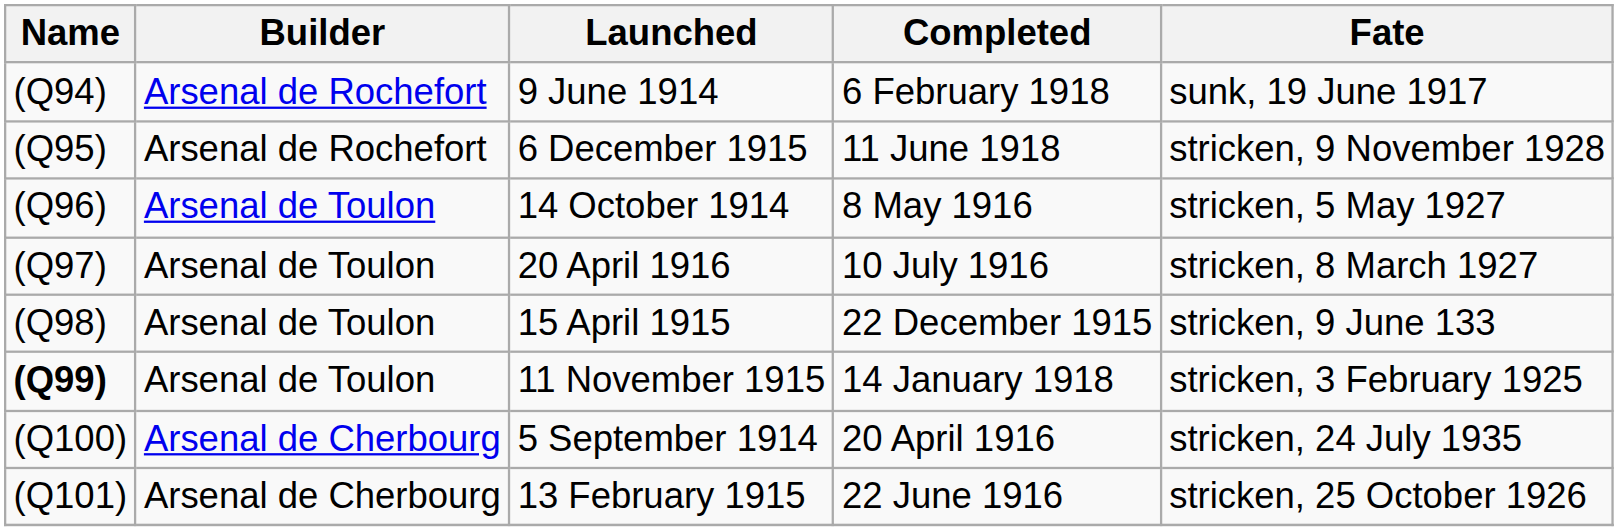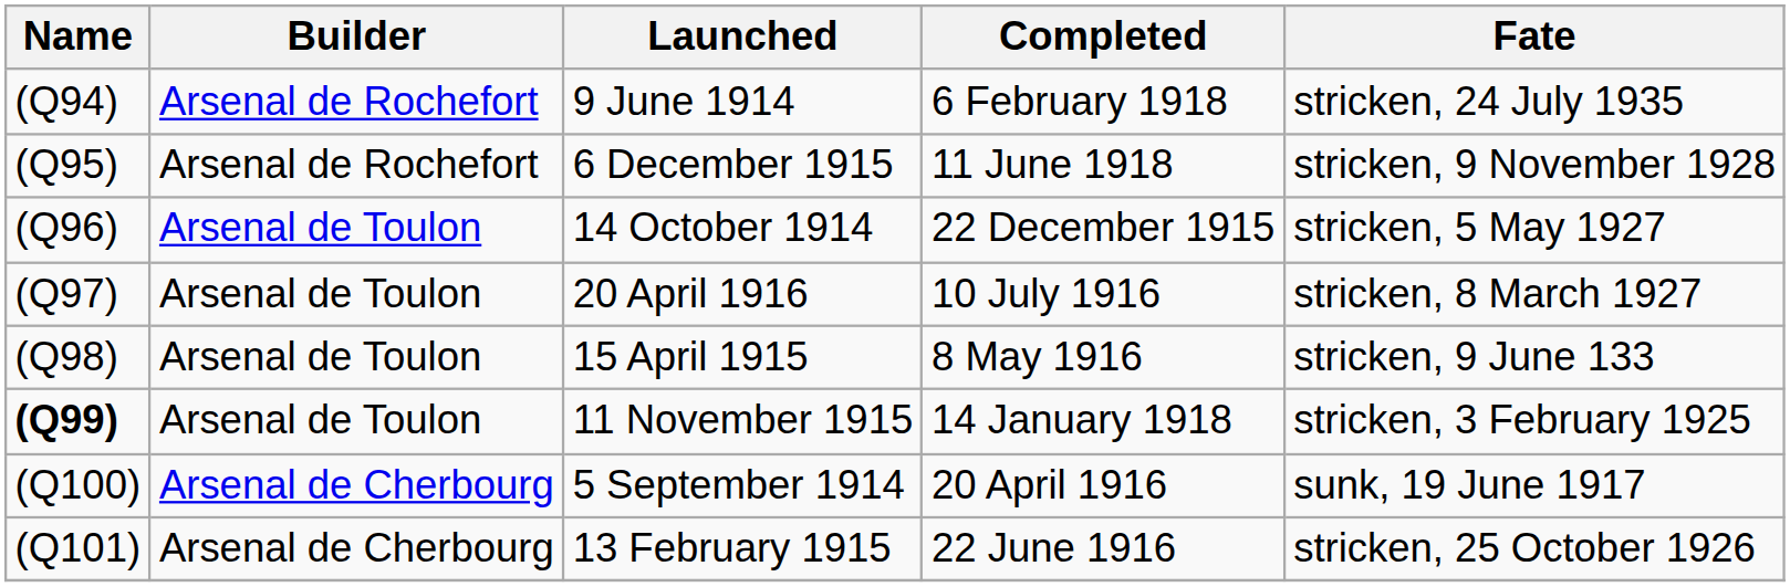 <table class="wikitable nowraplinks">
 <tr>
 <th>Name</th>
 <th>Builder</th>
 <th>Launched</th>
 <th>Completed</th>
 <th>Fate</th>
 </tr>
 <tr>
 <td> (Q94)</td>
 <td><a href='#'>Arsenal de Rochefort</a></td>
 <td>9 June 1914</td>
 <td>6 February 1918</td>
-<td>sunk, 19 June 1917</td>
+<td>stricken, 24 July 1935</td>
 </tr>
 <tr>
 <td> (Q95)</td>
 <td>Arsenal de Rochefort</td>
 <td>6 December 1915</td>
 <td>11 June 1918</td>
 <td>stricken, 9 November 1928</td>
 </tr>
 <tr>
 <td> (Q96)</td>
 <td><a href='#'>Arsenal de Toulon</a></td>
 <td>14 October 1914</td>
-<td>8 May 1916</td>
+<td>22 December 1915</td>
 <td>stricken, 5 May 1927</td>
 </tr>
 <tr>
 <td> (Q97)</td>
 <td>Arsenal de Toulon</td>
 <td>20 April 1916</td>
 <td>10 July 1916</td>
 <td>stricken, 8 March 1927</td>
 </tr>
 <tr>
 <td> (Q98)</td>
 <td>Arsenal de Toulon</td>
 <td>15 April 1915</td>
-<td>22 December 1915</td>
+<td>8 May 1916</td>
 <td>stricken, 9 June 133</td>
 </tr>
 <tr>
 <td><strong> (Q99)</strong></td>
 <td>Arsenal de Toulon</td>
 <td>11 November 1915</td>
 <td>14 January 1918</td>
 <td>stricken, 3 February 1925</td>
 </tr>
 <tr>
 <td> (Q100)</td>
 <td><a href='#'>Arsenal de Cherbourg</a></td>
 <td>5 September 1914</td>
 <td>20 April 1916</td>
-<td>stricken, 24 July 1935</td>
+<td>sunk, 19 June 1917</td>
 </tr>
 <tr>
 <td> (Q101)</td>
 <td>Arsenal de Cherbourg</td>
 <td>13 February 1915</td>
 <td>22 June 1916</td>
 <td>stricken, 25 October 1926</td>
 </tr>
 <tr>
 </tr>
 </table>
